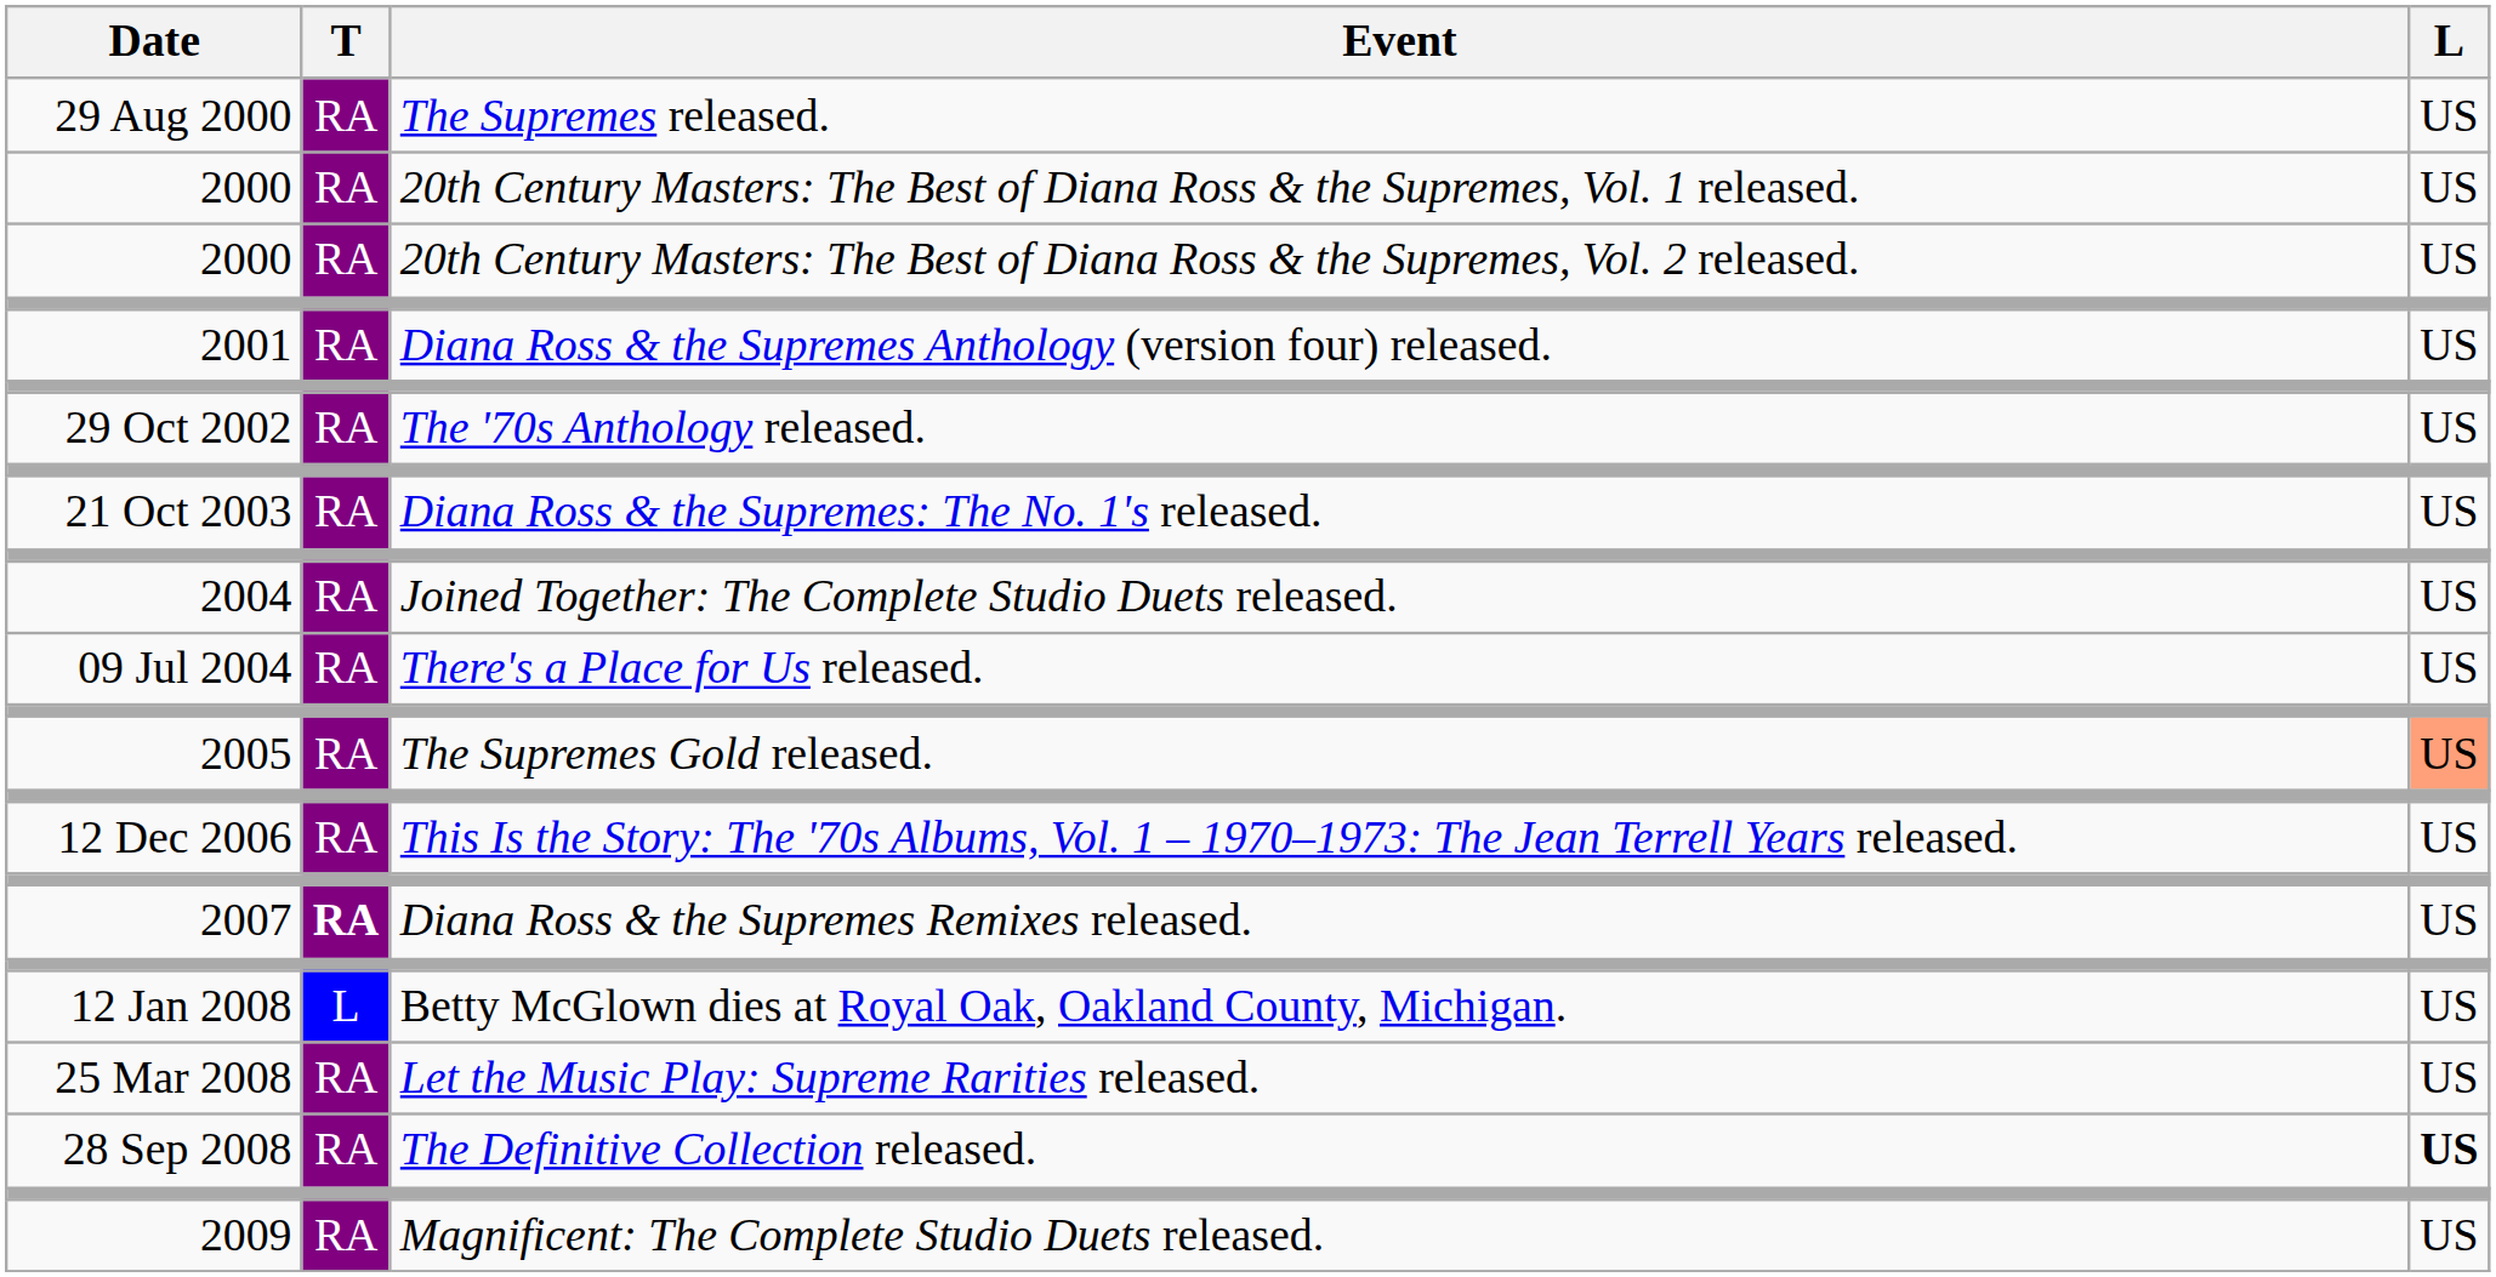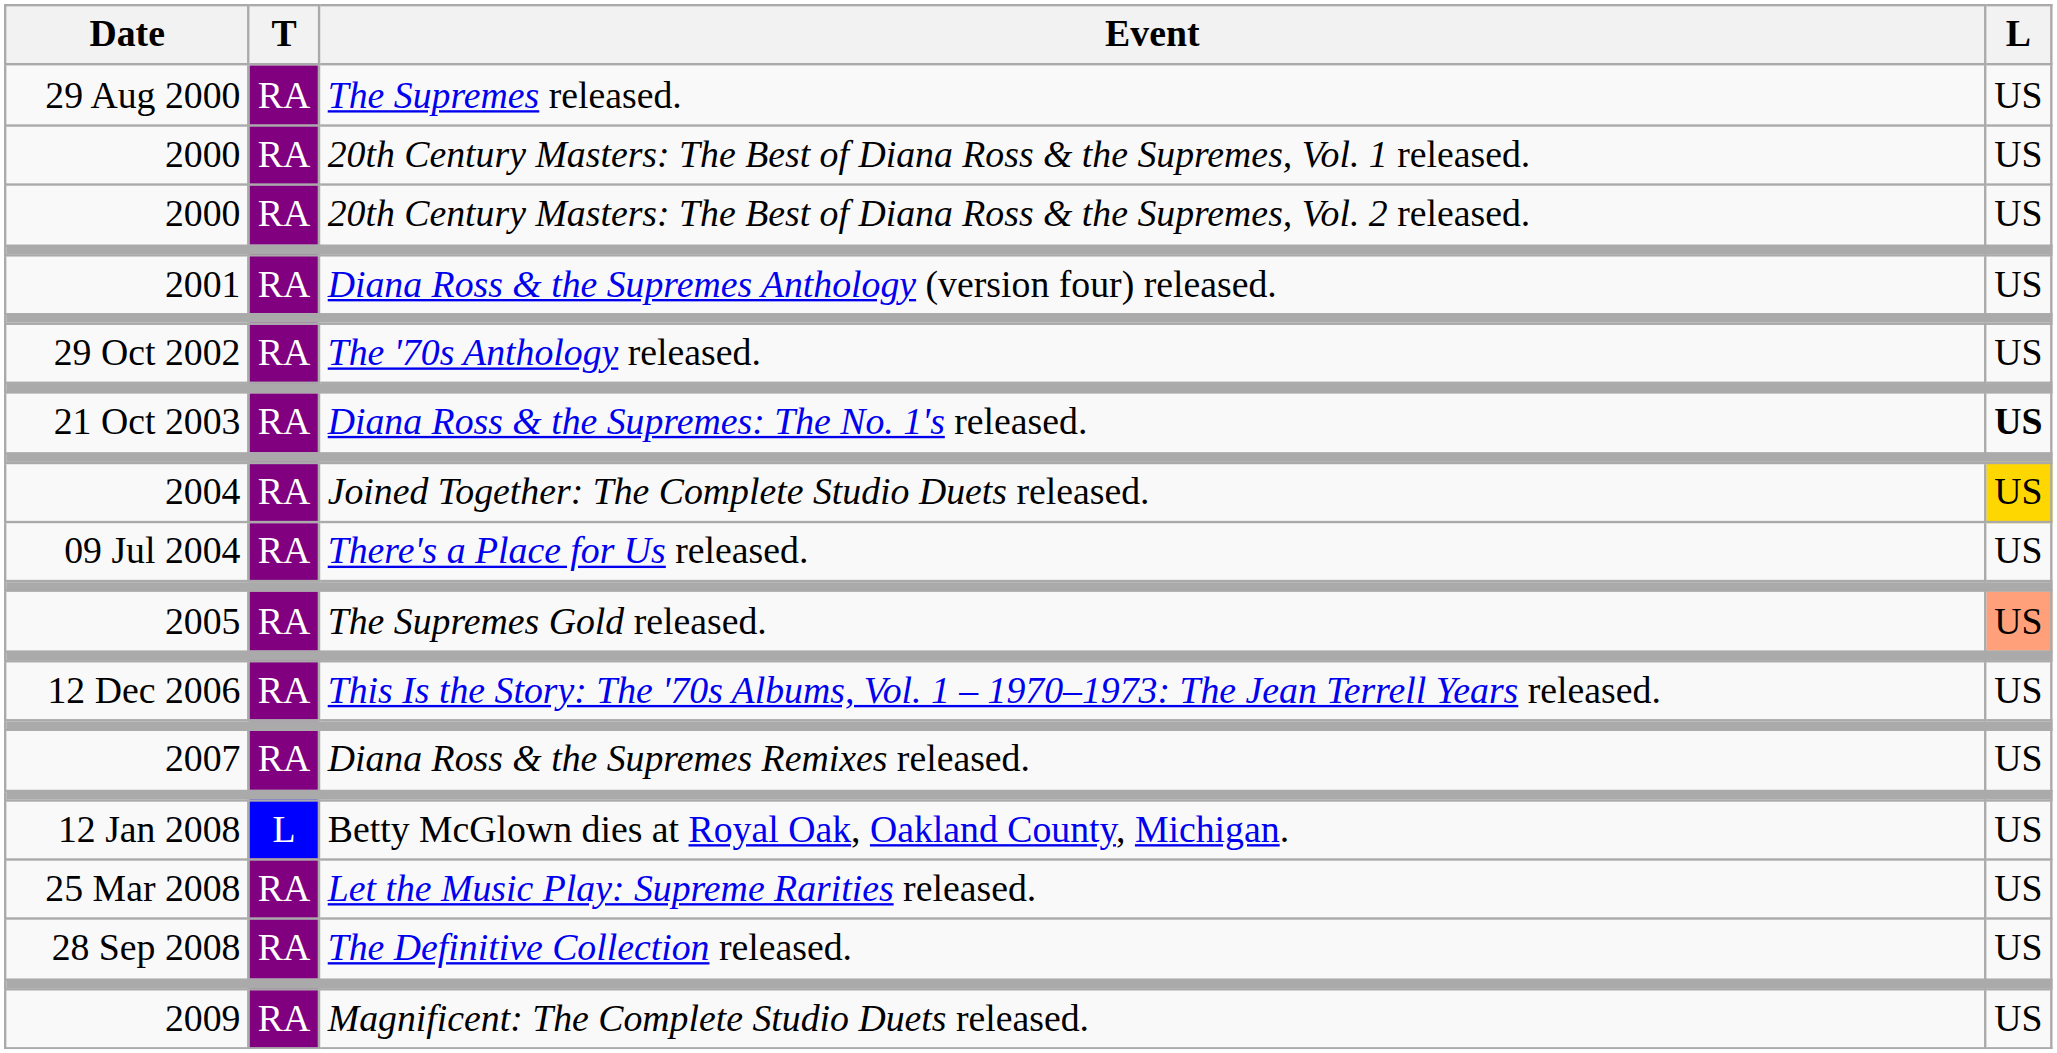 <table class="wikitable" style="text-align: center">
 <tr>
 <th style="width:12ch">Date</th>
 <th style="width:1%">T</th>
 <th>Event</th>
 <th style="width:2%">L</th>
 </tr>
 <tr>
 <td style="text-align: right">29 Aug 2000</td>
 <td style="background:purple; color: white">RA</td>
 <td style="text-align:left;"><em><a href='#'>The Supremes</a></em> released.</td>
 <td>US</td>
 </tr>
 <tr>
 <td style="text-align: right">2000</td>
 <td style="background:purple; color: white">RA</td>
 <td style="text-align:left;"><em>20th Century Masters: The Best of Diana Ross & the Supremes, Vol. 1</em> released.</td>
 <td>US</td>
 </tr>
 <tr>
 <td style="text-align: right">2000</td>
 <td style="background:purple; color: white">RA</td>
 <td style="text-align:left;"><em>20th Century Masters: The Best of Diana Ross & the Supremes, Vol. 2</em> released.</td>
 <td>US</td>
 </tr>
 <tr>
 <td colspan="6" style="background: #aaa; height: 3px; padding: 0 !important"></td>
 </tr>
 <tr>
 <td style="text-align: right">2001</td>
 <td style="background:purple; color: white">RA</td>
 <td style="text-align:left;"><em><a href='#'>Diana Ross & the Supremes Anthology</a></em> (version four) released.</td>
 <td>US</td>
 </tr>
 <tr>
 <td colspan="6" style="background: #aaa; height: 3px; padding: 0 !important"></td>
 </tr>
 <tr>
 <td style="text-align: right">29 Oct 2002</td>
 <td style="background:purple; color: white">RA</td>
 <td style="text-align:left;"><em><a href='#'>The '70s Anthology</a></em> released.</td>
 <td>US</td>
 </tr>
 <tr>
 <td colspan="6" style="background: #aaa; height: 3px; padding: 0 !important"></td>
 </tr>
 <tr>
 <td style="text-align: right">21 Oct 2003</td>
 <td style="background:purple; color: white">RA</td>
 <td style="text-align:left;"><em><a href='#'>Diana Ross & the Supremes: The No. 1's</a></em> released.</td>
-<td>US</td>
+<td><strong>US</strong></td>
 </tr>
 <tr>
 <td colspan="6" style="background: #aaa; height: 3px; padding: 0 !important"></td>
 </tr>
 <tr>
 <td style="text-align: right">2004</td>
 <td style="background:purple; color: white">RA</td>
 <td style="text-align:left;"><em>Joined Together: The Complete Studio Duets</em> released.</td>
-<td>US</td>
+<td style="background: gold;">US</td>
 </tr>
 <tr>
 <td style="text-align: right">09 Jul 2004</td>
 <td style="background:purple; color: white">RA</td>
 <td style="text-align:left;"><em><a href='#'>There's a Place for Us</a></em> released.</td>
 <td>US</td>
 </tr>
 <tr>
 <td colspan="6" style="background: #aaa; height: 3px; padding: 0 !important"></td>
 </tr>
 <tr>
 <td style="text-align: right">2005</td>
 <td style="background:purple; color: white">RA</td>
 <td style="text-align:left;"><em>The Supremes Gold</em> released.</td>
 <td style="background: lightsalmon;">US</td>
 </tr>
 <tr>
 <td colspan="6" style="background: #aaa; height: 3px; padding: 0 !important"></td>
 </tr>
 <tr>
 <td style="text-align: right">12 Dec 2006</td>
 <td style="background:purple; color: white">RA</td>
 <td style="text-align:left;"><em><a href='#'>This Is the Story: The '70s Albums, Vol. 1 – 1970–1973: The Jean Terrell Years</a></em> released.</td>
 <td>US</td>
 </tr>
 <tr>
 <td colspan="6" style="background: #aaa; height: 3px; padding: 0 !important"></td>
 </tr>
 <tr>
 <td style="text-align: right">2007</td>
-<td style="background:purple; color: white"><strong>RA</strong></td>
+<td style="background:purple; color: white">RA</td>
 <td style="text-align:left;"><em>Diana Ross & the Supremes Remixes</em> released.</td>
 <td>US</td>
 </tr>
 <tr>
 <td colspan="6" style="background: #aaa; height: 3px; padding: 0 !important"></td>
 </tr>
 <tr>
 <td style="text-align: right">12 Jan 2008</td>
 <td style="background-color: blue; color: white">L</td>
 <td style="text-align:left;">Betty McGlown dies at <a href='#'>Royal Oak</a>, <a href='#'>Oakland County</a>, <a href='#'>Michigan</a>.</td>
 <td>US</td>
 </tr>
 <tr>
 <td style="text-align: right">25 Mar 2008</td>
 <td style="background:purple; color: white">RA</td>
 <td style="text-align:left;"><em><a href='#'>Let the Music Play: Supreme Rarities</a></em> released.</td>
 <td>US</td>
 </tr>
 <tr>
 <td style="text-align: right">28 Sep 2008</td>
 <td style="background:purple; color: white">RA</td>
 <td style="text-align:left;"><em><a href='#'>The Definitive Collection</a></em> released.</td>
-<td><strong>US</strong></td>
+<td>US</td>
 </tr>
 <tr>
 <td colspan="6" style="background: #aaa; height: 3px; padding: 0 !important"></td>
 </tr>
 <tr>
 <td style="text-align: right">2009</td>
 <td style="background:purple; color: white">RA</td>
 <td style="text-align:left;"><em>Magnificent: The Complete Studio Duets</em> released.</td>
 <td>US</td>
 </tr>
 </table>
